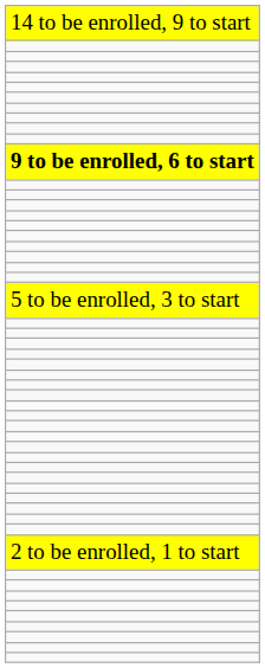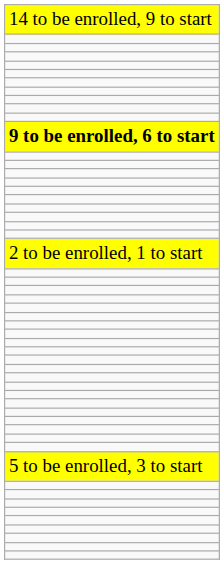 <table class="wikitable">
 <tr style="background:#ffff00;">
 <td>14 to be enrolled, 9 to start</td>
 </tr>
 <tr>
 <td></td>
 </tr>
 <tr>
 <td></td>
 </tr>
 <tr>
 <td></td>
 </tr>
 <tr>
 <td></td>
 </tr>
 <tr>
 <td></td>
 </tr>
 <tr>
 <td></td>
 </tr>
 <tr>
 <td></td>
 </tr>
 <tr>
 <td></td>
 </tr>
 <tr>
 <td></td>
 </tr>
 <tr>
 <td></td>
 </tr>
 <tr style="background:#ffff00;">
 <td><strong>9 to be enrolled, 6 to start</strong></td>
 </tr>
 <tr>
 <td></td>
 </tr>
 <tr>
 <td></td>
 </tr>
 <tr>
 <td></td>
 </tr>
 <tr>
 <td></td>
 </tr>
 <tr>
 <td></td>
 </tr>
 <tr>
 <td></td>
 </tr>
 <tr>
 <td></td>
 </tr>
 <tr>
 <td></td>
 </tr>
 <tr>
 <td></td>
 </tr>
 <tr>
 <td></td>
 </tr>
 <tr style="background:#ffff00;">
-<td>5 to be enrolled, 3 to start</td>
+<td>2 to be enrolled, 1 to start</td>
 </tr>
 <tr>
 <td></td>
 </tr>
 <tr>
 <td></td>
 </tr>
 <tr>
 <td></td>
 </tr>
 <tr>
 <td></td>
 </tr>
 <tr>
 <td></td>
 </tr>
 <tr>
 <td></td>
 </tr>
 <tr>
 <td></td>
 </tr>
 <tr>
 <td></td>
 </tr>
 <tr>
 <td></td>
 </tr>
 <tr>
 <td></td>
 </tr>
 <tr>
 <td></td>
 </tr>
 <tr>
 <td></td>
 </tr>
 <tr>
 <td></td>
 </tr>
 <tr>
 <td></td>
 </tr>
 <tr>
 <td></td>
 </tr>
 <tr>
 <td></td>
 </tr>
 <tr>
 <td></td>
 </tr>
 <tr>
 <td></td>
 </tr>
 <tr>
 <td></td>
 </tr>
 <tr>
 <td></td>
 </tr>
 <tr>
 <td></td>
 </tr>
 <tr style="background:#ffff00;">
-<td>2 to be enrolled, 1 to start</td>
+<td>5 to be enrolled, 3 to start</td>
 </tr>
 <tr>
 <td></td>
 </tr>
 <tr>
 <td></td>
 </tr>
 <tr>
 <td></td>
 </tr>
 <tr>
 <td></td>
 </tr>
 <tr>
 <td></td>
 </tr>
 <tr>
 <td></td>
 </tr>
 <tr>
 <td></td>
 </tr>
 <tr>
 <td></td>
 </tr>
 <tr>
 <td></td>
 </tr>
 </table>
